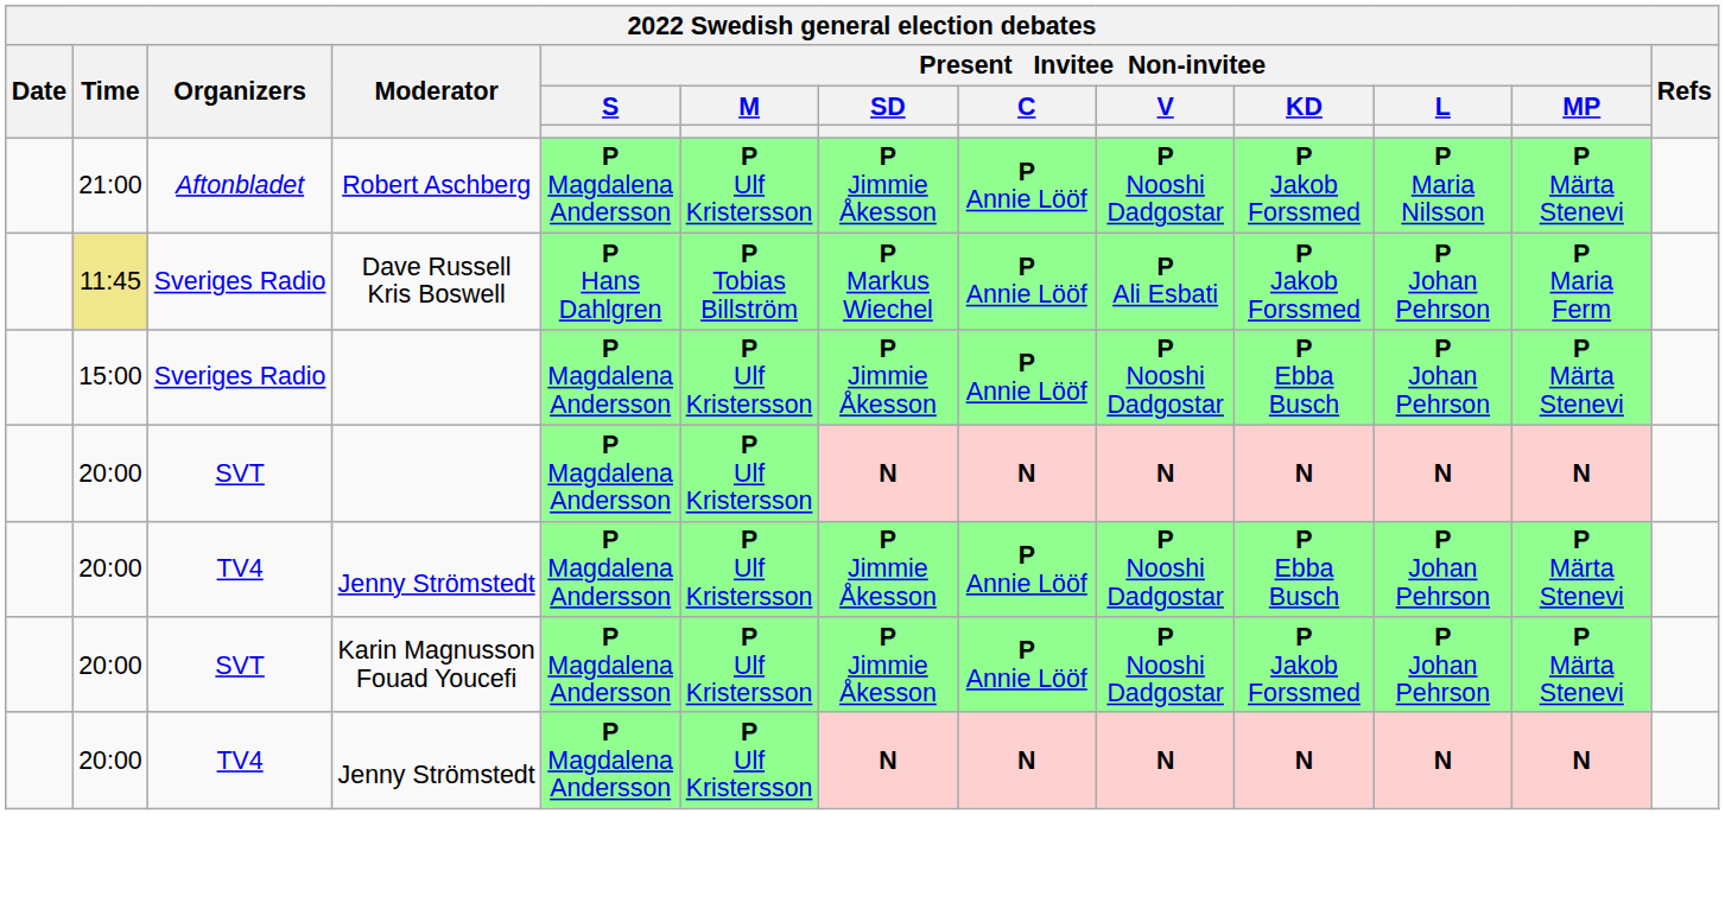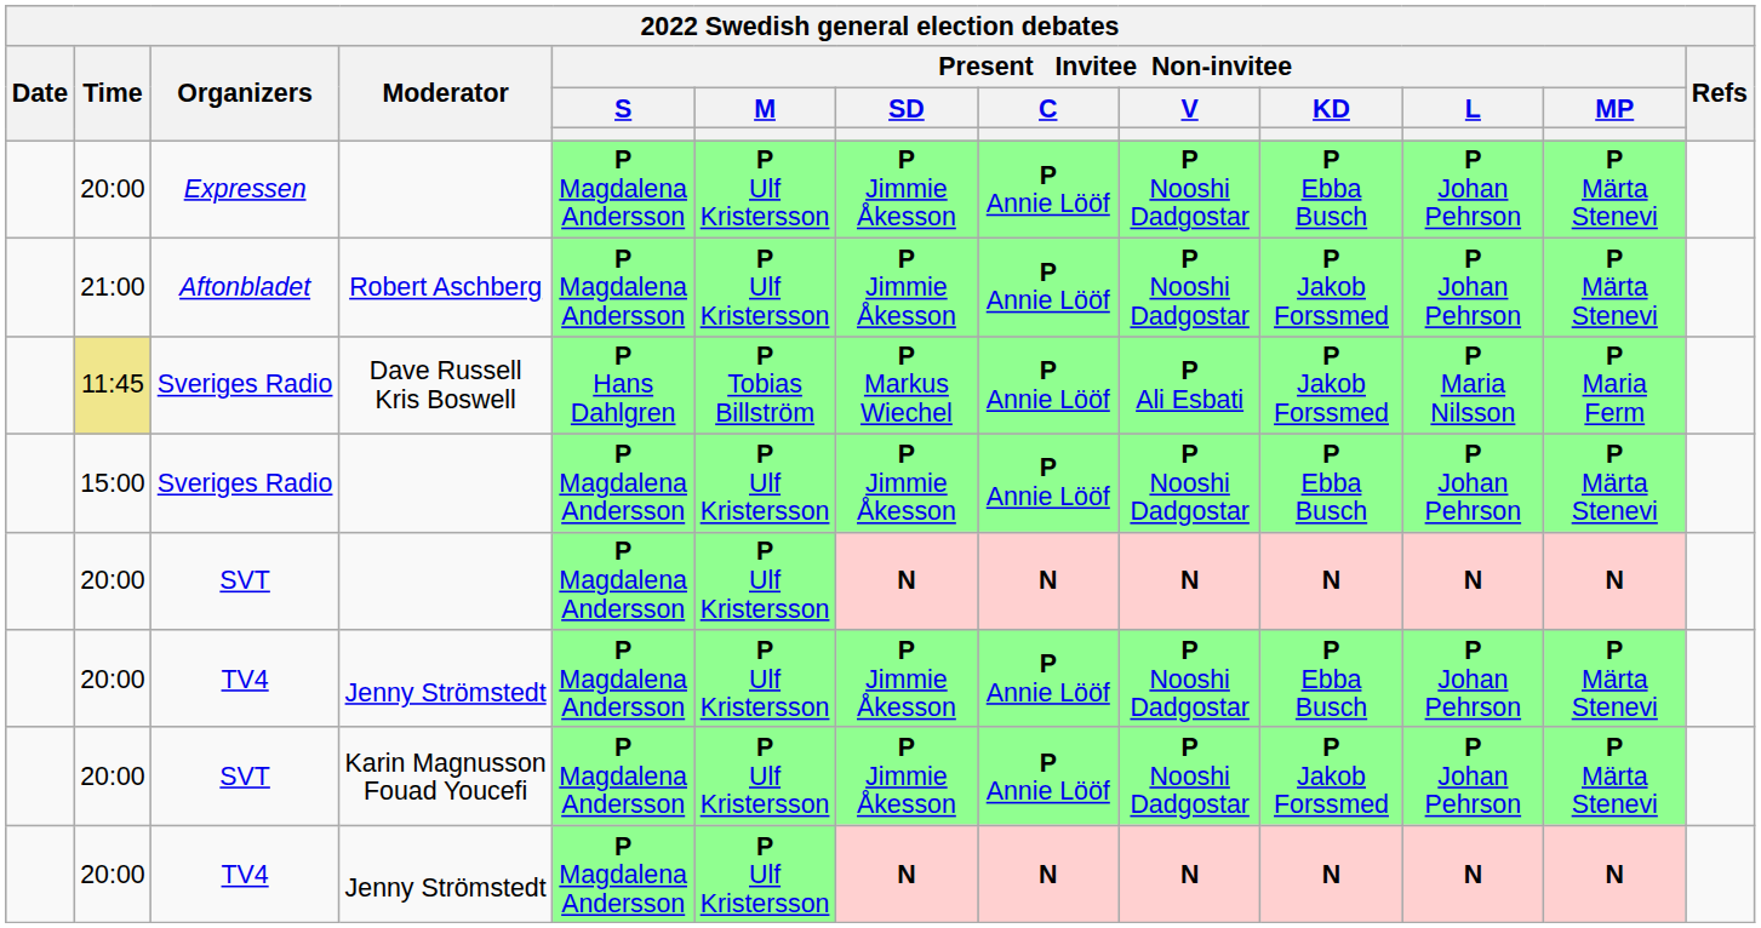 <table class="wikitable" style="font-size:85%; line-height:15px; text-align:center;">
 <tr>
 <th colspan="13">2022 Swedish general election debates</th>
 </tr>
 <tr>
 <th rowspan="3">Date</th>
 <th rowspan="3">Time<br></th>
 <th rowspan="3">Organizers</th>
 <th rowspan="3">Moderator</th>
 <th colspan="8"> Present    Invitee  Non-invitee </th>
 <th rowspan="3">Refs</th>
 </tr>
 <tr>
 <th scope="col" style="width:5em;"><a href='#'>S</a></th>
 <th scope="col" style="width:5em;"><a href='#'>M</a></th>
 <th scope="col" style="width:5em;"><a href='#'>SD</a></th>
 <th scope="col" style="width:5em;"><a href='#'>C</a></th>
 <th scope="col" style="width:5em;"><a href='#'>V</a></th>
 <th scope="col" style="width:5em;"><a href='#'>KD</a></th>
 <th scope="col" style="width:5em;"><a href='#'>L</a></th>
 <th scope="col" style="width:5em;"><a href='#'>MP</a></th>
 </tr>
 <tr>
 <th style="background:"></th>
 <th style="background:"></th>
 <th style="background:"></th>
 <th style="background:"></th>
 <th style="background:"></th>
 <th style="background:"></th>
 <th style="background:"></th>
 <th style="background:"></th>
 </tr>
 <tr>
 <td></td>
+<td>20:00</td>
+<td><em><a href='#'>Expressen</a></em></td>
+<td><br></td>
+<td style="background:#90FF90"><strong>P</strong><br><a href='#'>Magdalena Andersson</a></td>
+<td style="background:#90FF90"><strong>P</strong><br><a href='#'>Ulf Kristersson</a></td>
+<td style="background:#90FF90"><strong>P</strong><br><a href='#'>Jimmie Åkesson</a></td>
+<td style="background:#90FF90"><strong>P</strong><br><a href='#'>Annie Lööf</a></td>
+<td style="background:#90FF90"><strong>P</strong><br><a href='#'>Nooshi Dadgostar</a></td>
+<td style="background:#90FF90"><strong>P</strong><br><a href='#'>Ebba Busch</a></td>
+<td style="background:#90FF90"><strong>P</strong><br><a href='#'>Johan Pehrson</a></td>
+<td style="background:#90FF90"><strong>P</strong><br><a href='#'>Märta Stenevi</a></td>
+<td></td>
+</tr>
+<tr>
+<td></td>
 <td>21:00</td>
 <td><em><a href='#'>Aftonbladet</a></em></td>
 <td><a href='#'>Robert Aschberg</a></td>
 <td style="background:#90FF90"><strong>P</strong><br><a href='#'>Magdalena Andersson</a></td>
 <td style="background:#90FF90"><strong>P</strong><br><a href='#'>Ulf Kristersson</a></td>
 <td style="background:#90FF90"><strong>P</strong><br><a href='#'>Jimmie Åkesson</a></td>
 <td style="background:#90FF90"><strong>P</strong><br><a href='#'>Annie Lööf</a></td>
 <td style="background:#90FF90"><strong>P</strong><br><a href='#'>Nooshi Dadgostar</a></td>
 <td style="background:#90FF90"><strong>P</strong><br><a href='#'>Jakob Forssmed</a></td>
-<td style="background:#90FF90"><strong>P</strong><br><a href='#'>Maria Nilsson</a></td>
+<td style="background:#90FF90"><strong>P</strong><br><a href='#'>Johan Pehrson</a></td>
 <td style="background:#90FF90"><strong>P</strong><br><a href='#'>Märta Stenevi</a></td>
 <td></td>
 </tr>
 <tr>
 <td></td>
 <td style="background: khaki;">11:45</td>
 <td><a href='#'>Sveriges Radio</a></td>
 <td>Dave Russell<br>Kris Boswell</td>
 <td style="background:#90FF90"><strong>P</strong><br><a href='#'>Hans Dahlgren</a></td>
 <td style="background:#90FF90"><strong>P</strong><br><a href='#'>Tobias Billström</a></td>
 <td style="background:#90FF90"><strong>P</strong><br><a href='#'>Markus Wiechel</a></td>
 <td style="background:#90FF90"><strong>P</strong><br><a href='#'>Annie Lööf</a></td>
 <td style="background:#90FF90"><strong>P</strong><br><a href='#'>Ali Esbati</a></td>
 <td style="background:#90FF90"><strong>P</strong><br><a href='#'>Jakob Forssmed</a></td>
-<td style="background:#90FF90"><strong>P</strong><br><a href='#'>Johan Pehrson</a></td>
+<td style="background:#90FF90"><strong>P</strong><br><a href='#'>Maria Nilsson</a></td>
 <td style="background:#90FF90"><strong>P</strong><br><a href='#'>Maria Ferm</a></td>
 <td></td>
 </tr>
 <tr>
 <td></td>
 <td>15:00</td>
 <td><a href='#'>Sveriges Radio</a></td>
 <td><br></td>
 <td style="background:#90FF90"><strong>P</strong><br><a href='#'>Magdalena Andersson</a></td>
 <td style="background:#90FF90"><strong>P</strong><br><a href='#'>Ulf Kristersson</a></td>
 <td style="background:#90FF90"><strong>P</strong><br><a href='#'>Jimmie Åkesson</a></td>
 <td style="background:#90FF90"><strong>P</strong><br><a href='#'>Annie Lööf</a></td>
 <td style="background:#90FF90"><strong>P</strong><br><a href='#'>Nooshi Dadgostar</a></td>
 <td style="background:#90FF90"><strong>P</strong><br><a href='#'>Ebba Busch</a></td>
 <td style="background:#90FF90"><strong>P</strong><br><a href='#'>Johan Pehrson</a></td>
 <td style="background:#90FF90"><strong>P</strong><br><a href='#'>Märta Stenevi</a></td>
 <td></td>
 </tr>
 <tr>
 <td></td>
 <td>20:00</td>
 <td><a href='#'>SVT</a></td>
 <td><br></td>
 <td style="background:#90FF90"><strong>P</strong><br><a href='#'>Magdalena Andersson</a></td>
 <td style="background:#90FF90"><strong>P</strong><br><a href='#'>Ulf Kristersson</a></td>
 <td style="background:#FFD0D0"><strong>N</strong></td>
 <td style="background:#FFD0D0"><strong>N</strong></td>
 <td style="background:#FFD0D0"><strong>N</strong></td>
 <td style="background:#FFD0D0"><strong>N</strong></td>
 <td style="background:#FFD0D0"><strong>N</strong></td>
 <td style="background:#FFD0D0"><strong>N</strong></td>
 <td></td>
 </tr>
 <tr>
 <td></td>
 <td>20:00</td>
 <td><a href='#'>TV4</a></td>
 <td><br><a href='#'>Jenny Strömstedt</a></td>
 <td style="background:#90FF90"><strong>P</strong><br><a href='#'>Magdalena Andersson</a></td>
 <td style="background:#90FF90"><strong>P</strong><br><a href='#'>Ulf Kristersson</a></td>
 <td style="background:#90FF90"><strong>P</strong><br><a href='#'>Jimmie Åkesson</a></td>
 <td style="background:#90FF90"><strong>P</strong><br><a href='#'>Annie Lööf</a></td>
 <td style="background:#90FF90"><strong>P</strong><br><a href='#'>Nooshi Dadgostar</a></td>
 <td style="background:#90FF90"><strong>P</strong><br><a href='#'>Ebba Busch</a></td>
 <td style="background:#90FF90"><strong>P</strong><br><a href='#'>Johan Pehrson</a></td>
 <td style="background:#90FF90"><strong>P</strong><br><a href='#'>Märta Stenevi</a></td>
 <td></td>
 </tr>
 <tr>
 <td></td>
 <td>20:00</td>
 <td><a href='#'>SVT</a></td>
 <td>Karin Magnusson<br>Fouad Youcefi</td>
 <td style="background:#90FF90"><strong>P</strong><br><a href='#'>Magdalena Andersson</a></td>
 <td style="background:#90FF90"><strong>P</strong><br><a href='#'>Ulf Kristersson</a></td>
 <td style="background:#90FF90"><strong>P</strong><br><a href='#'>Jimmie Åkesson</a></td>
 <td style="background:#90FF90"><strong>P</strong><br><a href='#'>Annie Lööf</a></td>
 <td style="background:#90FF90"><strong>P</strong><br><a href='#'>Nooshi Dadgostar</a></td>
 <td style="background:#90FF90"><strong>P</strong><br><a href='#'>Jakob Forssmed</a></td>
 <td style="background:#90FF90"><strong>P</strong><br><a href='#'>Johan Pehrson</a></td>
 <td style="background:#90FF90"><strong>P</strong><br><a href='#'>Märta Stenevi</a></td>
 <td></td>
 </tr>
 <tr>
 <td></td>
 <td>20:00</td>
 <td><a href='#'>TV4</a></td>
 <td><br>Jenny Strömstedt</td>
 <td style="background:#90FF90"><strong>P</strong><br><a href='#'>Magdalena Andersson</a></td>
 <td style="background:#90FF90"><strong>P</strong><br><a href='#'>Ulf Kristersson</a></td>
 <td style="background:#FFD0D0"><strong>N</strong></td>
 <td style="background:#FFD0D0"><strong>N</strong></td>
 <td style="background:#FFD0D0"><strong>N</strong></td>
 <td style="background:#FFD0D0"><strong>N</strong></td>
 <td style="background:#FFD0D0"><strong>N</strong></td>
 <td style="background:#FFD0D0"><strong>N</strong></td>
 <td></td>
 </tr>
 </table>
